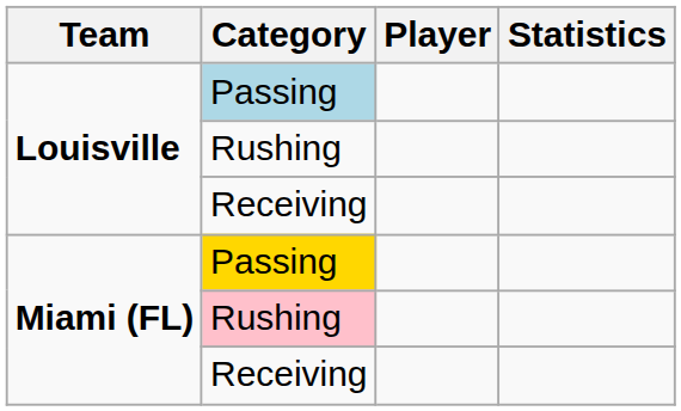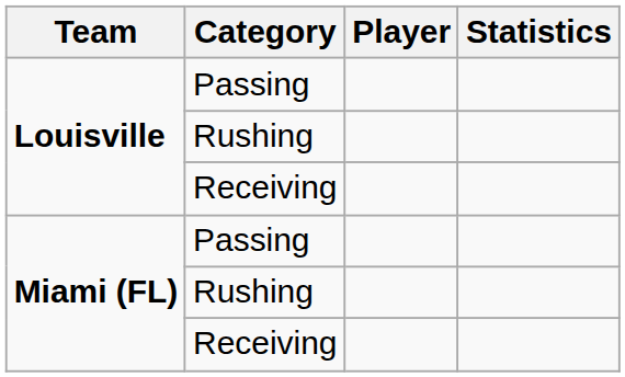 <table class="wikitable" style="float: right;">
 <tr>
 <th>Team</th>
 <th>Category</th>
 <th>Player</th>
 <th>Statistics</th>
 </tr>
 <tr>
 <td rowspan=3><strong>Louisville</strong></td>
-<td style="background: lightblue;">Passing</td>
+<td>Passing</td>
 <td></td>
 <td></td>
 </tr>
 <tr>
 <td>Rushing</td>
 <td></td>
 <td></td>
 </tr>
 <tr>
 <td>Receiving</td>
 <td></td>
 <td></td>
 </tr>
 <tr>
 <td rowspan=3><strong>Miami (FL)</strong></td>
-<td style="background: gold;">Passing</td>
+<td>Passing</td>
 <td></td>
 <td></td>
 </tr>
 <tr>
-<td style="background: pink;">Rushing</td>
+<td>Rushing</td>
 <td></td>
 <td></td>
 </tr>
 <tr>
 <td>Receiving</td>
 <td></td>
 <td></td>
 </tr>
 </table>
